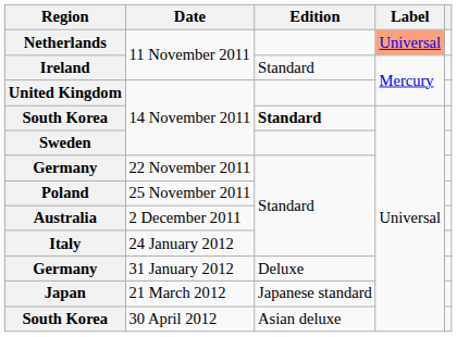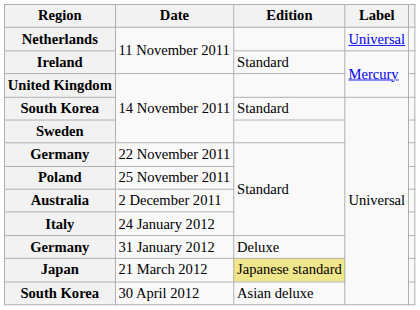 <table class="wikitable plainrowheaders">
 <tr>
 <th scope="col">Region</th>
 <th scope="col">Date</th>
 <th scope="col">Edition</th>
 <th scope="col">Label</th>
 <th scope="col"></th>
 </tr>
 <tr>
 <th scope="row">Netherlands</th>
 <td rowspan="2">11 November 2011</td>
 <td></td>
-<td style="background: lightsalmon;"><a href='#'>Universal</a></td>
+<td><a href='#'>Universal</a></td>
 <td align="center"></td>
 </tr>
 <tr>
 <th scope="row">Ireland</th>
 <td>Standard</td>
 <td rowspan="2"><a href='#'>Mercury</a></td>
 <td align="center"></td>
 </tr>
 <tr>
 <th scope="row">United Kingdom</th>
 <td rowspan="3">14 November 2011</td>
 <td></td>
 <td align="center"></td>
 </tr>
 <tr>
 <th scope="row">South Korea</th>
-<td><strong>Standard</strong></td>
+<td>Standard</td>
 <td rowspan="9">Universal</td>
 <td align="center"></td>
 </tr>
 <tr>
 <th scope="row">Sweden</th>
 <td></td>
 <td align="center"></td>
 </tr>
 <tr>
 <th scope="row">Germany</th>
 <td>22 November 2011</td>
 <td rowspan="4">Standard</td>
 <td align="center"></td>
 </tr>
 <tr>
 <th scope="row">Poland</th>
 <td>25 November 2011</td>
 <td align="center"></td>
 </tr>
 <tr>
 <th scope="row">Australia</th>
 <td>2 December 2011</td>
 <td align="center"></td>
 </tr>
 <tr>
 <th scope="row">Italy</th>
 <td>24 January 2012</td>
 <td align="center"></td>
 </tr>
 <tr>
 <th scope="row">Germany</th>
 <td>31 January 2012</td>
 <td>Deluxe</td>
 <td align="center"></td>
 </tr>
 <tr>
 <th scope="row">Japan</th>
 <td>21 March 2012</td>
-<td>Japanese standard</td>
+<td style="background: khaki;">Japanese standard</td>
 <td align="center"></td>
 </tr>
 <tr>
 <th scope="row">South Korea</th>
 <td>30 April 2012</td>
 <td>Asian deluxe</td>
 <td align="center"></td>
 </tr>
 </table>
